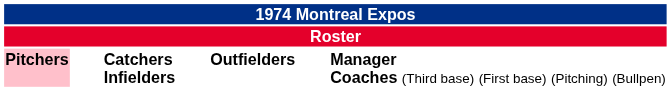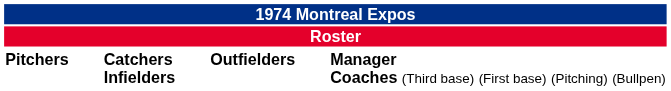 <table class="toccolours" style="font-size: 95%;">
 <tr>
 <th colspan="10" style="background-color: #003087; color: #FFFFFF; text-align: center;">1974 Montreal Expos</th>
 </tr>
 <tr>
 <td colspan="10" style="background-color: #E4002B; color: #FFFFFF; text-align: center;"><strong>Roster</strong></td>
 </tr>
 <tr>
-<td valign="top" style="background: pink;"><strong>Pitchers</strong><br>             </td>
+<td valign="top"><strong>Pitchers</strong><br>             </td>
 <td width="25px"></td>
 <td valign="top"><strong>Catchers</strong><br>     <strong>Infielders</strong>          </td>
 <td width="25px"></td>
 <td valign="top"><strong>Outfielders</strong><br>           </td>
 <td width="25px"></td>
 <td valign="top"><strong>Manager</strong><br> <strong>Coaches</strong>  <small>(Third base)</small>  <small>(First base)</small>  <small>(Pitching)</small>  <small>(Bullpen)</small></td>
 </tr>
 <tr>
 </tr>
 </table>
